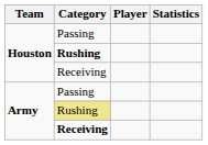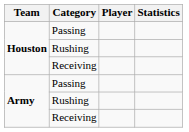 <table class="wikitable" style="float: left;">
 <tr>
 <th>Team</th>
 <th>Category</th>
 <th>Player</th>
 <th>Statistics</th>
 </tr>
 <tr>
 <td rowspan=3><strong>Houston</strong></td>
 <td>Passing</td>
 <td></td>
 <td></td>
 </tr>
 <tr>
-<td><strong>Rushing</strong></td>
+<td>Rushing</td>
 <td></td>
 <td></td>
 </tr>
 <tr>
 <td>Receiving</td>
 <td></td>
 <td></td>
 </tr>
 <tr>
 <td rowspan=3><strong>Army</strong></td>
 <td>Passing</td>
 <td></td>
 <td></td>
 </tr>
 <tr>
-<td style="background: khaki;">Rushing</td>
+<td>Rushing</td>
 <td></td>
 <td></td>
 </tr>
 <tr>
-<td><strong>Receiving</strong></td>
+<td>Receiving</td>
 <td></td>
 <td></td>
 </tr>
 </table>
